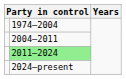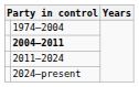 <table class="wikitable">
 <tr>
 <th colspan="2">Party in control</th>
 <th>Years</th>
 </tr>
 <tr>
 <td></td>
 <td>1974–2004</td>
 </tr>
 <tr>
 <td></td>
-<td>2004–2011</td>
+<td><strong>2004–2011</strong></td>
 </tr>
 <tr>
 <td></td>
-<td style="background: lightgreen;">2011–2024</td>
+<td>2011–2024</td>
 </tr>
 <tr>
 <td></td>
 <td>2024–present</td>
 </tr>
 </table>
